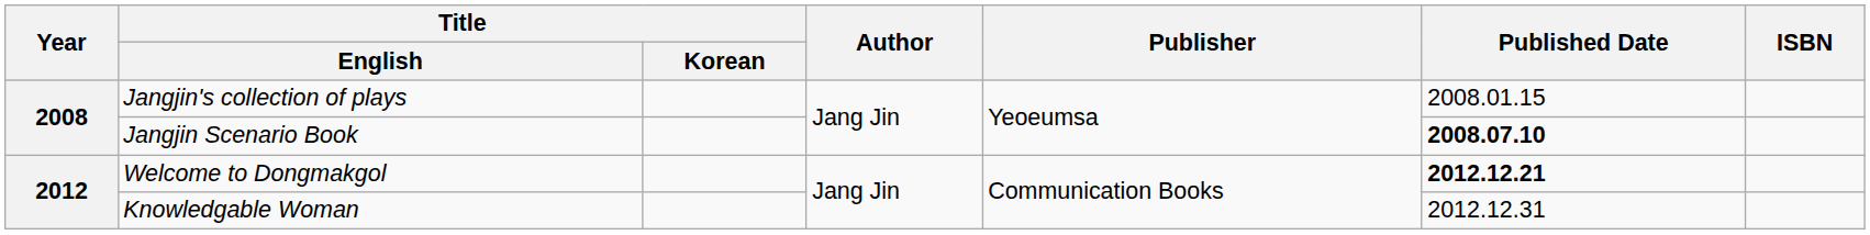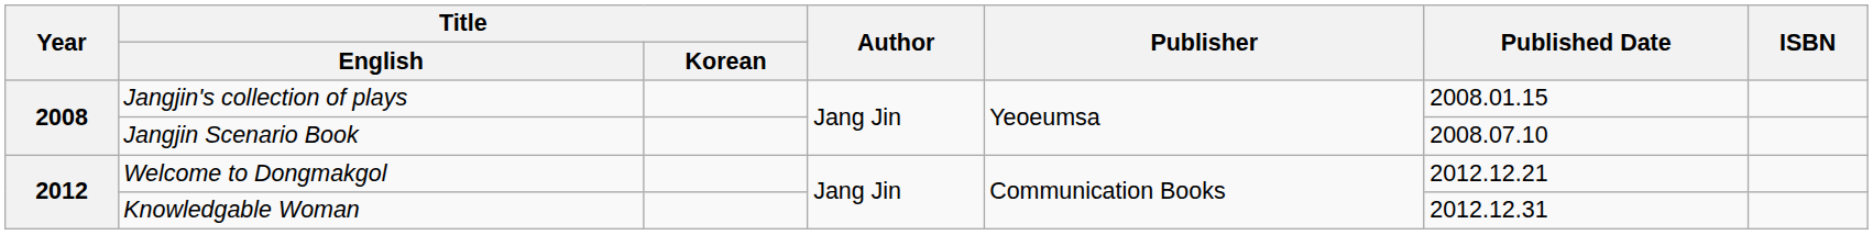 <table class="wikitable sortable plainrowheaders" style="clear:none; font-size:100%; padding:0 auto; width:100%; margin:auto">
 <tr>
 <th rowspan="2" scope="col">Year</th>
 <th colspan="2" scope="col">Title</th>
 <th rowspan="2" scope="col">Author</th>
 <th rowspan="2" scope="col">Publisher</th>
 <th rowspan="2" scope="col">Published Date</th>
 <th rowspan="2" scope="col">ISBN</th>
 </tr>
 <tr>
 <th>English</th>
 <th>Korean</th>
 </tr>
 <tr>
 <th rowspan="2" scope="row">2008</th>
 <td><em>Jangjin's collection of plays</em></td>
 <td></td>
 <td rowspan="2">Jang Jin</td>
 <td rowspan="2">Yeoeumsa</td>
 <td>2008.01.15</td>
 <td></td>
 </tr>
 <tr>
 <td><em>Jangjin Scenario Book</em></td>
 <td></td>
-<td><strong>2008.07.10</strong></td>
+<td>2008.07.10</td>
 <td></td>
 </tr>
 <tr>
 <th rowspan="2" scope="row">2012</th>
 <td><em>Welcome to Dongmakgol</em></td>
 <td></td>
 <td rowspan="2">Jang Jin</td>
 <td rowspan="2">Communication Books</td>
-<td><strong>2012.12.21</strong></td>
+<td>2012.12.21</td>
 <td></td>
 </tr>
 <tr>
 <td><em>Knowledgable Woman</em></td>
 <td></td>
 <td>2012.12.31</td>
 <td></td>
 </tr>
 </table>
